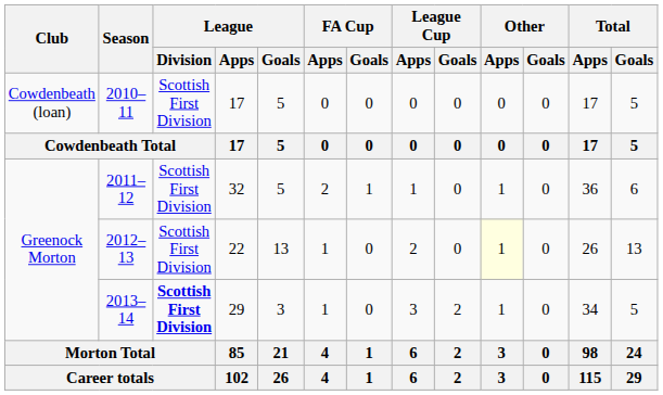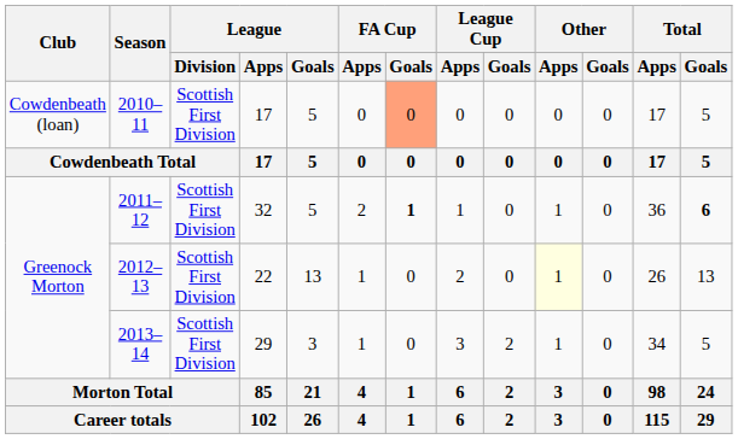 <table class="wikitable" style="text-align: center;">
 <tr>
 <th rowspan="2">Club</th>
 <th rowspan="2">Season</th>
 <th colspan="3">League</th>
 <th colspan="2">FA Cup</th>
 <th colspan="2">League Cup</th>
 <th colspan="2">Other</th>
 <th colspan="2">Total</th>
 </tr>
 <tr>
 <th>Division</th>
 <th>Apps</th>
 <th>Goals</th>
 <th>Apps</th>
 <th>Goals</th>
 <th>Apps</th>
 <th>Goals</th>
 <th>Apps</th>
 <th>Goals</th>
 <th>Apps</th>
 <th>Goals</th>
 </tr>
 <tr>
 <td><a href='#'>Cowdenbeath</a> (loan)</td>
 <td><a href='#'>2010–11</a></td>
 <td><a href='#'>Scottish First Division</a></td>
 <td>17</td>
 <td>5</td>
 <td>0</td>
-<td>0</td>
+<td style="background: lightsalmon;">0</td>
 <td>0</td>
 <td>0</td>
 <td>0</td>
 <td>0</td>
 <td>17</td>
 <td>5</td>
 </tr>
 <tr>
 <th colspan="3">Cowdenbeath Total</th>
 <th>17</th>
 <th>5</th>
 <th>0</th>
 <th>0</th>
 <th>0</th>
 <th>0</th>
 <th>0</th>
 <th>0</th>
 <th>17</th>
 <th>5</th>
 </tr>
 <tr>
 <td rowspan="3"><a href='#'>Greenock Morton</a></td>
 <td><a href='#'>2011–12</a></td>
 <td><a href='#'>Scottish First Division</a></td>
 <td>32</td>
 <td>5</td>
 <td>2</td>
-<td>1</td>
+<td><strong>1</strong></td>
 <td>1</td>
 <td>0</td>
 <td>1</td>
 <td>0</td>
 <td>36</td>
-<td>6</td>
+<td><strong>6</strong></td>
 </tr>
 <tr>
 <td><a href='#'>2012–13</a></td>
 <td><a href='#'>Scottish First Division</a></td>
 <td>22</td>
 <td>13</td>
 <td>1</td>
 <td>0</td>
 <td>2</td>
 <td>0</td>
 <td style="background: lightyellow;">1</td>
 <td>0</td>
 <td>26</td>
 <td>13</td>
 </tr>
 <tr>
 <td><a href='#'>2013–14</a></td>
-<td><strong><a href='#'>Scottish First Division</a></strong></td>
+<td><a href='#'>Scottish First Division</a></td>
 <td>29</td>
 <td>3</td>
 <td>1</td>
 <td>0</td>
 <td>3</td>
 <td>2</td>
 <td>1</td>
 <td>0</td>
 <td>34</td>
 <td>5</td>
 </tr>
 <tr>
 <th colspan="3">Morton Total</th>
 <th>85</th>
 <th>21</th>
 <th>4</th>
 <th>1</th>
 <th>6</th>
 <th>2</th>
 <th>3</th>
 <th>0</th>
 <th>98</th>
 <th>24</th>
 </tr>
 <tr>
 <th colspan="3">Career totals</th>
 <th>102</th>
 <th>26</th>
 <th>4</th>
 <th>1</th>
 <th>6</th>
 <th>2</th>
 <th>3</th>
 <th>0</th>
 <th>115</th>
 <th>29</th>
 </tr>
 </table>
